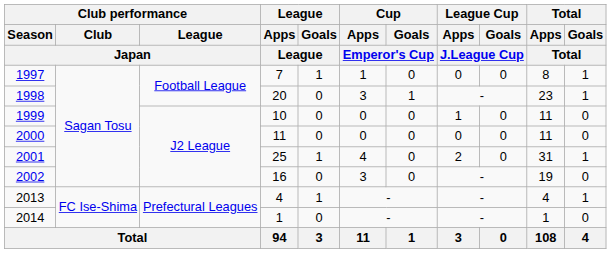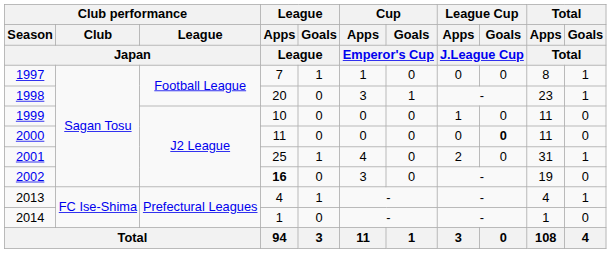 <table class="wikitable" style="text-align:center;">
 <tr>
 <th colspan=3>Club performance</th>
 <th colspan=2>League</th>
 <th colspan=2>Cup</th>
 <th colspan=2>League Cup</th>
 <th colspan=2>Total</th>
 </tr>
 <tr>
 <th>Season</th>
 <th>Club</th>
 <th>League</th>
 <th>Apps</th>
 <th>Goals</th>
 <th>Apps</th>
 <th>Goals</th>
 <th>Apps</th>
 <th>Goals</th>
 <th>Apps</th>
 <th>Goals</th>
 </tr>
 <tr>
 <th colspan=3>Japan</th>
 <th colspan=2>League</th>
 <th colspan=2><a href='#'>Emperor's Cup</a></th>
 <th colspan=2><a href='#'>J.League Cup</a></th>
 <th colspan=2>Total</th>
 </tr>
 <tr>
 <td><a href='#'>1997</a></td>
 <td rowspan="6"><a href='#'>Sagan Tosu</a></td>
 <td rowspan="2"><a href='#'>Football League</a></td>
 <td>7</td>
 <td>1</td>
 <td>1</td>
 <td>0</td>
 <td>0</td>
 <td>0</td>
 <td>8</td>
 <td>1</td>
 </tr>
 <tr>
 <td><a href='#'>1998</a></td>
 <td>20</td>
 <td>0</td>
 <td>3</td>
 <td>1</td>
 <td colspan="2">-</td>
 <td>23</td>
 <td>1</td>
 </tr>
 <tr>
 <td><a href='#'>1999</a></td>
 <td rowspan="4"><a href='#'>J2 League</a></td>
 <td>10</td>
 <td>0</td>
 <td>0</td>
 <td>0</td>
 <td>1</td>
 <td>0</td>
 <td>11</td>
 <td>0</td>
 </tr>
 <tr>
 <td><a href='#'>2000</a></td>
 <td>11</td>
 <td>0</td>
 <td>0</td>
 <td>0</td>
 <td>0</td>
-<td>0</td>
+<td><strong>0</strong></td>
 <td>11</td>
 <td>0</td>
 </tr>
 <tr>
 <td><a href='#'>2001</a></td>
 <td>25</td>
 <td>1</td>
 <td>4</td>
 <td>0</td>
 <td>2</td>
 <td>0</td>
 <td>31</td>
 <td>1</td>
 </tr>
 <tr>
 <td><a href='#'>2002</a></td>
-<td>16</td>
+<td><strong>16</strong></td>
 <td>0</td>
 <td>3</td>
 <td>0</td>
 <td colspan="2">-</td>
 <td>19</td>
 <td>0</td>
 </tr>
 <tr>
 <td>2013</td>
 <td rowspan="2"><a href='#'>FC Ise-Shima</a></td>
 <td rowspan="2"><a href='#'>Prefectural Leagues</a></td>
 <td>4</td>
 <td>1</td>
 <td colspan="2">-</td>
 <td colspan="2">-</td>
 <td>4</td>
 <td>1</td>
 </tr>
 <tr>
 <td>2014</td>
 <td>1</td>
 <td>0</td>
 <td colspan="2">-</td>
 <td colspan="2">-</td>
 <td>1</td>
 <td>0</td>
 </tr>
 <tr>
 <th colspan=3>Total</th>
 <th>94</th>
 <th>3</th>
 <th>11</th>
 <th>1</th>
 <th>3</th>
 <th>0</th>
 <th>108</th>
 <th>4</th>
 </tr>
 </table>
